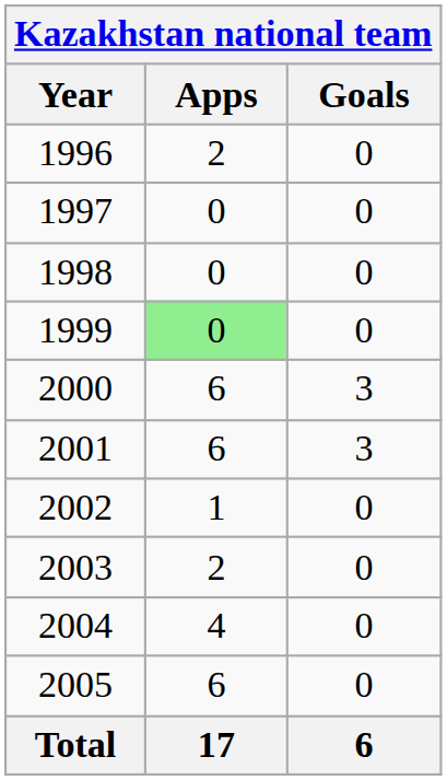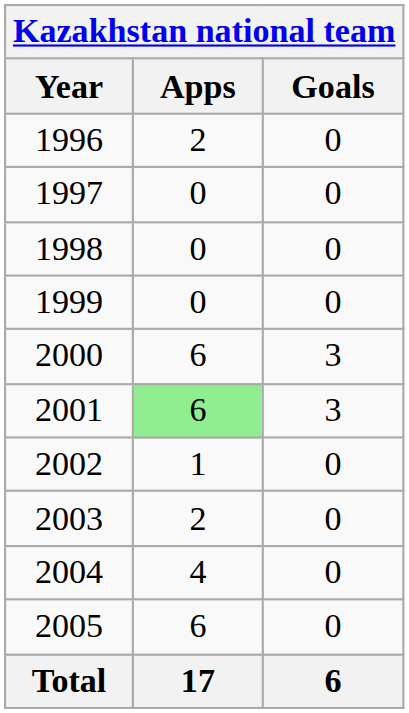 <table class="wikitable" style="text-align:center">
 <tr>
 <th colspan=3><a href='#'>Kazakhstan national team</a></th>
 </tr>
 <tr>
 <th>Year</th>
 <th>Apps</th>
 <th>Goals</th>
 </tr>
 <tr>
 <td>1996</td>
 <td>2</td>
 <td>0</td>
 </tr>
 <tr>
 <td>1997</td>
 <td>0</td>
 <td>0</td>
 </tr>
 <tr>
 <td>1998</td>
 <td>0</td>
 <td>0</td>
 </tr>
 <tr>
 <td>1999</td>
-<td style="background: lightgreen;">0</td>
+<td>0</td>
 <td>0</td>
 </tr>
 <tr>
 <td>2000</td>
 <td>6</td>
 <td>3</td>
 </tr>
 <tr>
 <td>2001</td>
-<td>6</td>
+<td style="background: lightgreen;">6</td>
 <td>3</td>
 </tr>
 <tr>
 <td>2002</td>
 <td>1</td>
 <td>0</td>
 </tr>
 <tr>
 <td>2003</td>
 <td>2</td>
 <td>0</td>
 </tr>
 <tr>
 <td>2004</td>
 <td>4</td>
 <td>0</td>
 </tr>
 <tr>
 <td>2005</td>
 <td>6</td>
 <td>0</td>
 </tr>
 <tr>
 <th>Total</th>
 <th>17</th>
 <th>6</th>
 </tr>
 </table>
